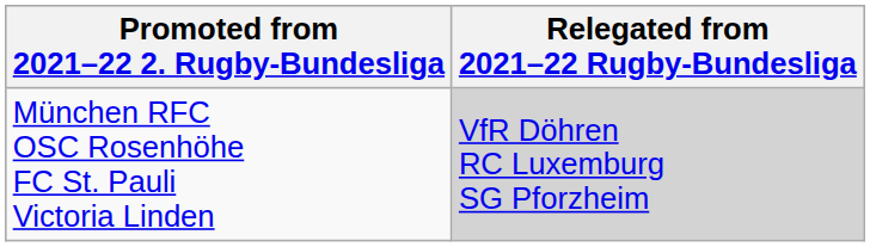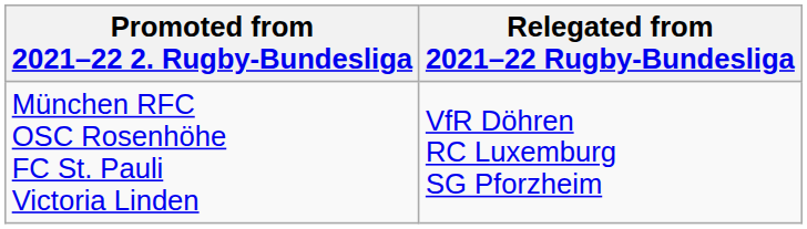 <table class="wikitable">
 <tr>
 <th>Promoted from<br><a href='#'>2021–22 2. Rugby-Bundesliga</a></th>
 <th>Relegated from<br><a href='#'>2021–22 Rugby-Bundesliga</a></th>
 </tr>
 <tr>
 <td><a href='#'>München RFC</a><br><a href='#'>OSC Rosenhöhe</a><br><a href='#'>FC St. Pauli</a><br><a href='#'>Victoria Linden</a></td>
-<td style="background: lightgrey;"><a href='#'>VfR Döhren</a><br><a href='#'>RC Luxemburg</a><br><a href='#'>SG Pforzheim</a></td>
+<td><a href='#'>VfR Döhren</a><br><a href='#'>RC Luxemburg</a><br><a href='#'>SG Pforzheim</a></td>
 </tr>
 </table>
